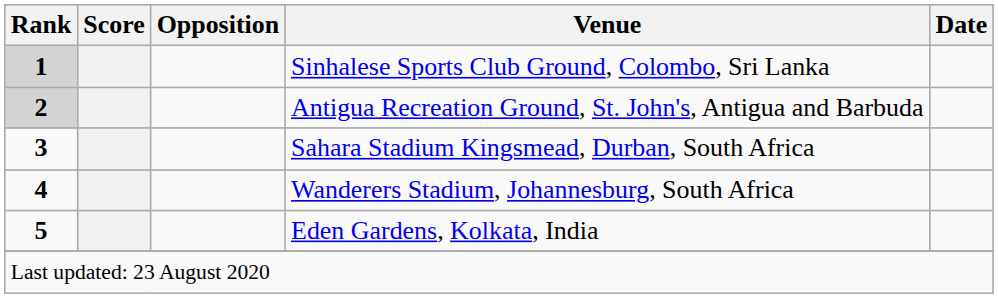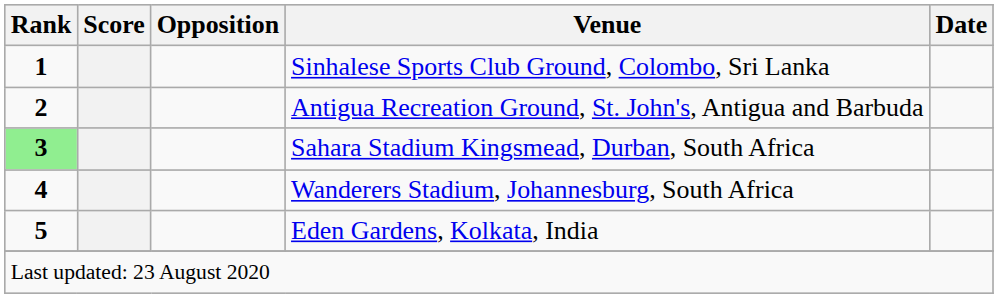 <table class="wikitable plainrowheaders sortable">
 <tr>
 <th scope=col>Rank</th>
 <th scope=col>Score</th>
 <th scope=col>Opposition</th>
 <th scope=col>Venue</th>
 <th scope=col>Date</th>
 </tr>
 <tr>
-<td align=center style="background: lightgrey;"><strong>1</strong></td>
+<td align=center><strong>1</strong></td>
 <th scope=row style=text-align:center;></th>
 <td></td>
 <td><a href='#'>Sinhalese Sports Club Ground</a>, <a href='#'>Colombo</a>, Sri Lanka</td>
 <td></td>
 </tr>
 <tr>
-<td align=center style="background: lightgrey;"><strong>2</strong></td>
+<td align=center><strong>2</strong></td>
 <th scope=row style=text-align:center;></th>
 <td></td>
 <td><a href='#'>Antigua Recreation Ground</a>, <a href='#'>St. John's</a>, Antigua and Barbuda</td>
 <td></td>
 </tr>
 <tr>
-<td align=center><strong>3</strong></td>
+<td align=center style="background: lightgreen;"><strong>3</strong></td>
 <th scope=row style=text-align:center;></th>
 <td></td>
 <td><a href='#'>Sahara Stadium Kingsmead</a>, <a href='#'>Durban</a>, South Africa</td>
 <td></td>
 </tr>
 <tr>
 <td align=center><strong>4</strong></td>
 <th scope=row style=text-align:center;></th>
 <td></td>
 <td><a href='#'>Wanderers Stadium</a>, <a href='#'>Johannesburg</a>, South Africa</td>
 <td></td>
 </tr>
 <tr>
 <td align=center><strong>5</strong></td>
 <th scope=row style=text-align:center;></th>
 <td></td>
 <td><a href='#'>Eden Gardens</a>, <a href='#'>Kolkata</a>, India</td>
 <td></td>
 </tr>
 <tr>
 </tr>
 <tr class=sortbottom>
 <td colspan=5><small>Last updated: 23 August 2020</small></td>
 </tr>
 </table>
